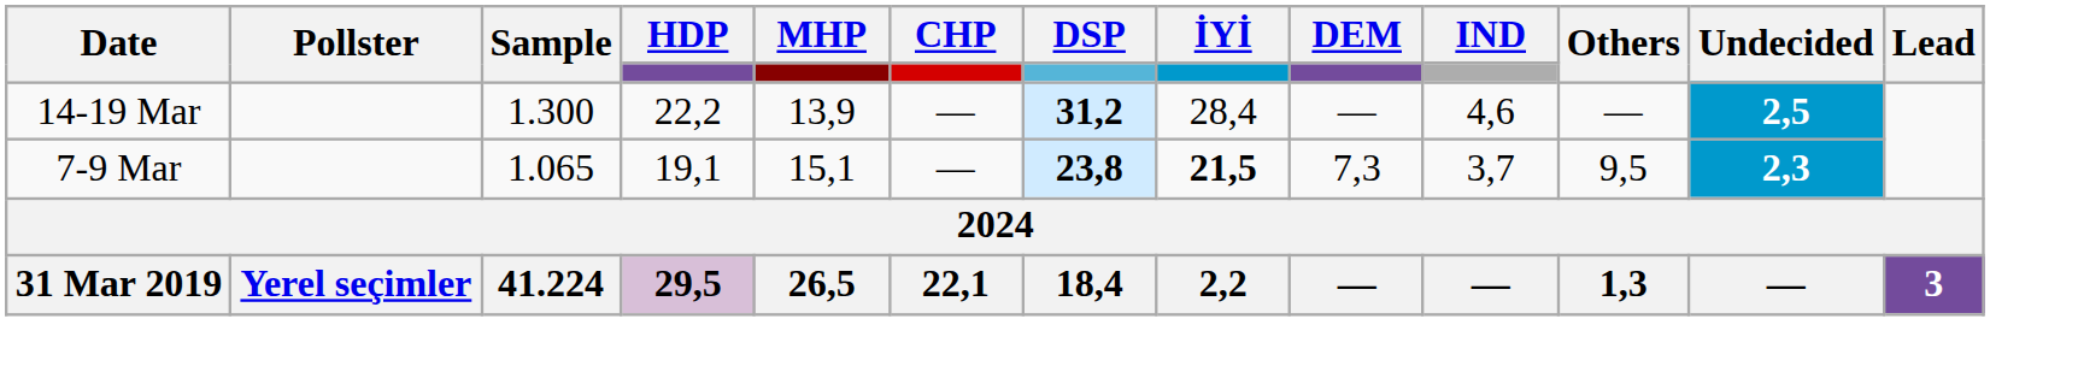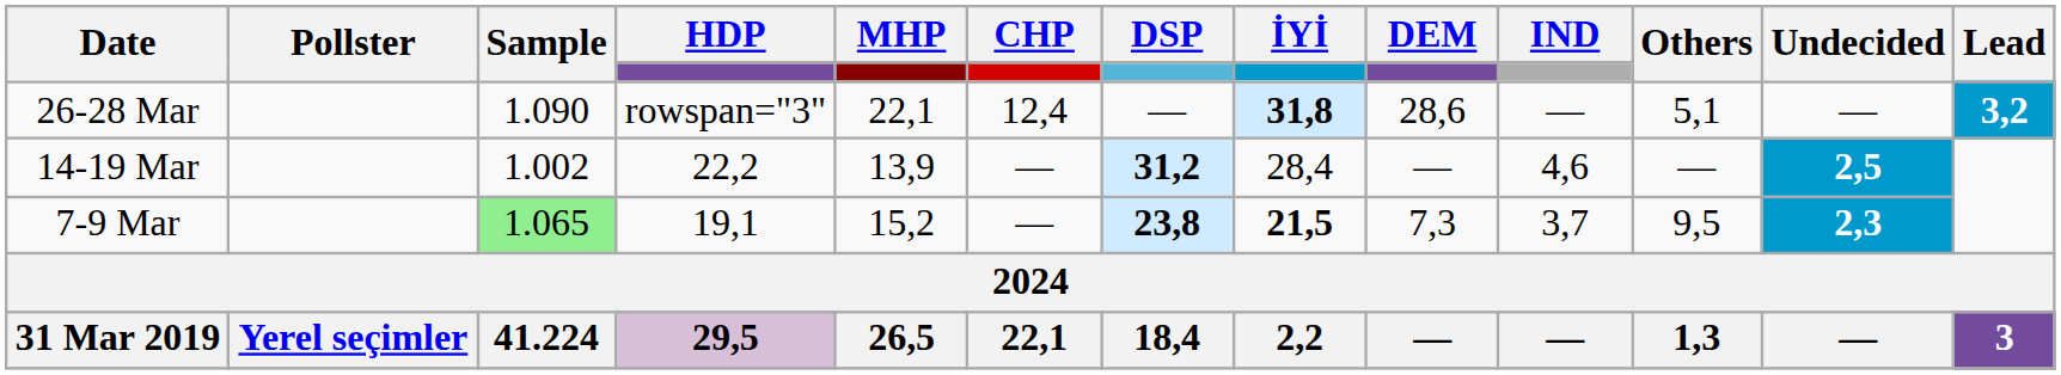 <table class="wikitable mw-collapsible" style="text-align:center; font-size:85%; line-height:14px;">
 <tr>
 <th rowspan="2">Date</th>
 <th rowspan="2">Pollster</th>
 <th rowspan="2">Sample</th>
 <th style="width:3em;"><a href='#'>HDP</a></th>
 <th style="width:3em;"><a href='#'>MHP</a></th>
 <th style="width:3em;"><a href='#'>CHP</a></th>
 <th style="width:3em;"><a href='#'>DSP</a></th>
 <th style="width:3em;"><a href='#'>İYİ</a></th>
 <th style="width:3em;"><a href='#'>DEM</a></th>
 <th style="width:3em;"><a href='#'>IND</a></th>
 <th rowspan="2">Others</th>
 <th rowspan="2">Undecided</th>
 <th rowspan="2">Lead</th>
 </tr>
 <tr>
 <th style="background:#734B9C;"></th>
 <th style="background:#870000;"></th>
 <th style="background:#d40000;"></th>
 <th style="background:#55B5D8;"></th>
 <th style="background:#0099cc;"></th>
 <th style="background:#734B9C;"></th>
 <th style="background:#ADADAD;"></th>
 </tr>
 <tr>
+<td>26-28 Mar</td>
+<td></td>
+<td>1.090</td>
+<td>rowspan="3" </td>
+<td>22,1</td>
+<td>12,4</td>
+<td>—</td>
+<td style="background:#D0EBFF"><strong>31,8</strong></td>
+<td>28,6</td>
+<td>—</td>
+<td>5,1</td>
+<td>—</td>
+<th style="background:#0099cc; color:white;">3,2</th>
+</tr>
+<tr>
 <td>14-19 Mar</td>
 <td></td>
-<td>1.300</td>
+<td>1.002</td>
 <td>22,2</td>
 <td>13,9</td>
 <td>—</td>
 <td style="background:#D0EBFF"><strong>31,2</strong></td>
 <td>28,4</td>
 <td>—</td>
 <td>4,6</td>
 <td>—</td>
 <th style="background:#0099cc; color:white;">2,5</th>
 </tr>
 <tr>
 <td>7-9 Mar</td>
 <td></td>
-<td>1.065</td>
+<td style="background: lightgreen;">1.065</td>
 <td>19,1</td>
-<td>15,1</td>
+<td>15,2</td>
 <td>—</td>
 <td style="background:#D0EBFF"><strong>23,8</strong></td>
 <td><strong>21,5</strong></td>
 <td>7,3</td>
 <td>3,7</td>
 <td>9,5</td>
 <th style="background:#0099cc; color:white;">2,3</th>
 </tr>
 <tr>
 <th colspan="13">2024</th>
 </tr>
 <tr>
 <th>31 Mar 2019</th>
 <th><a href='#'>Yerel seçimler</a></th>
 <th>41.224</th>
 <th style="background:#D8BFD8">29,5</th>
 <th>26,5</th>
 <th>22,1</th>
 <th>18,4</th>
 <th>2,2</th>
 <th>—</th>
 <th>—</th>
 <th>1,3</th>
 <th>—</th>
 <th style="background:#734B9C; color:white;">3</th>
 </tr>
 </table>
